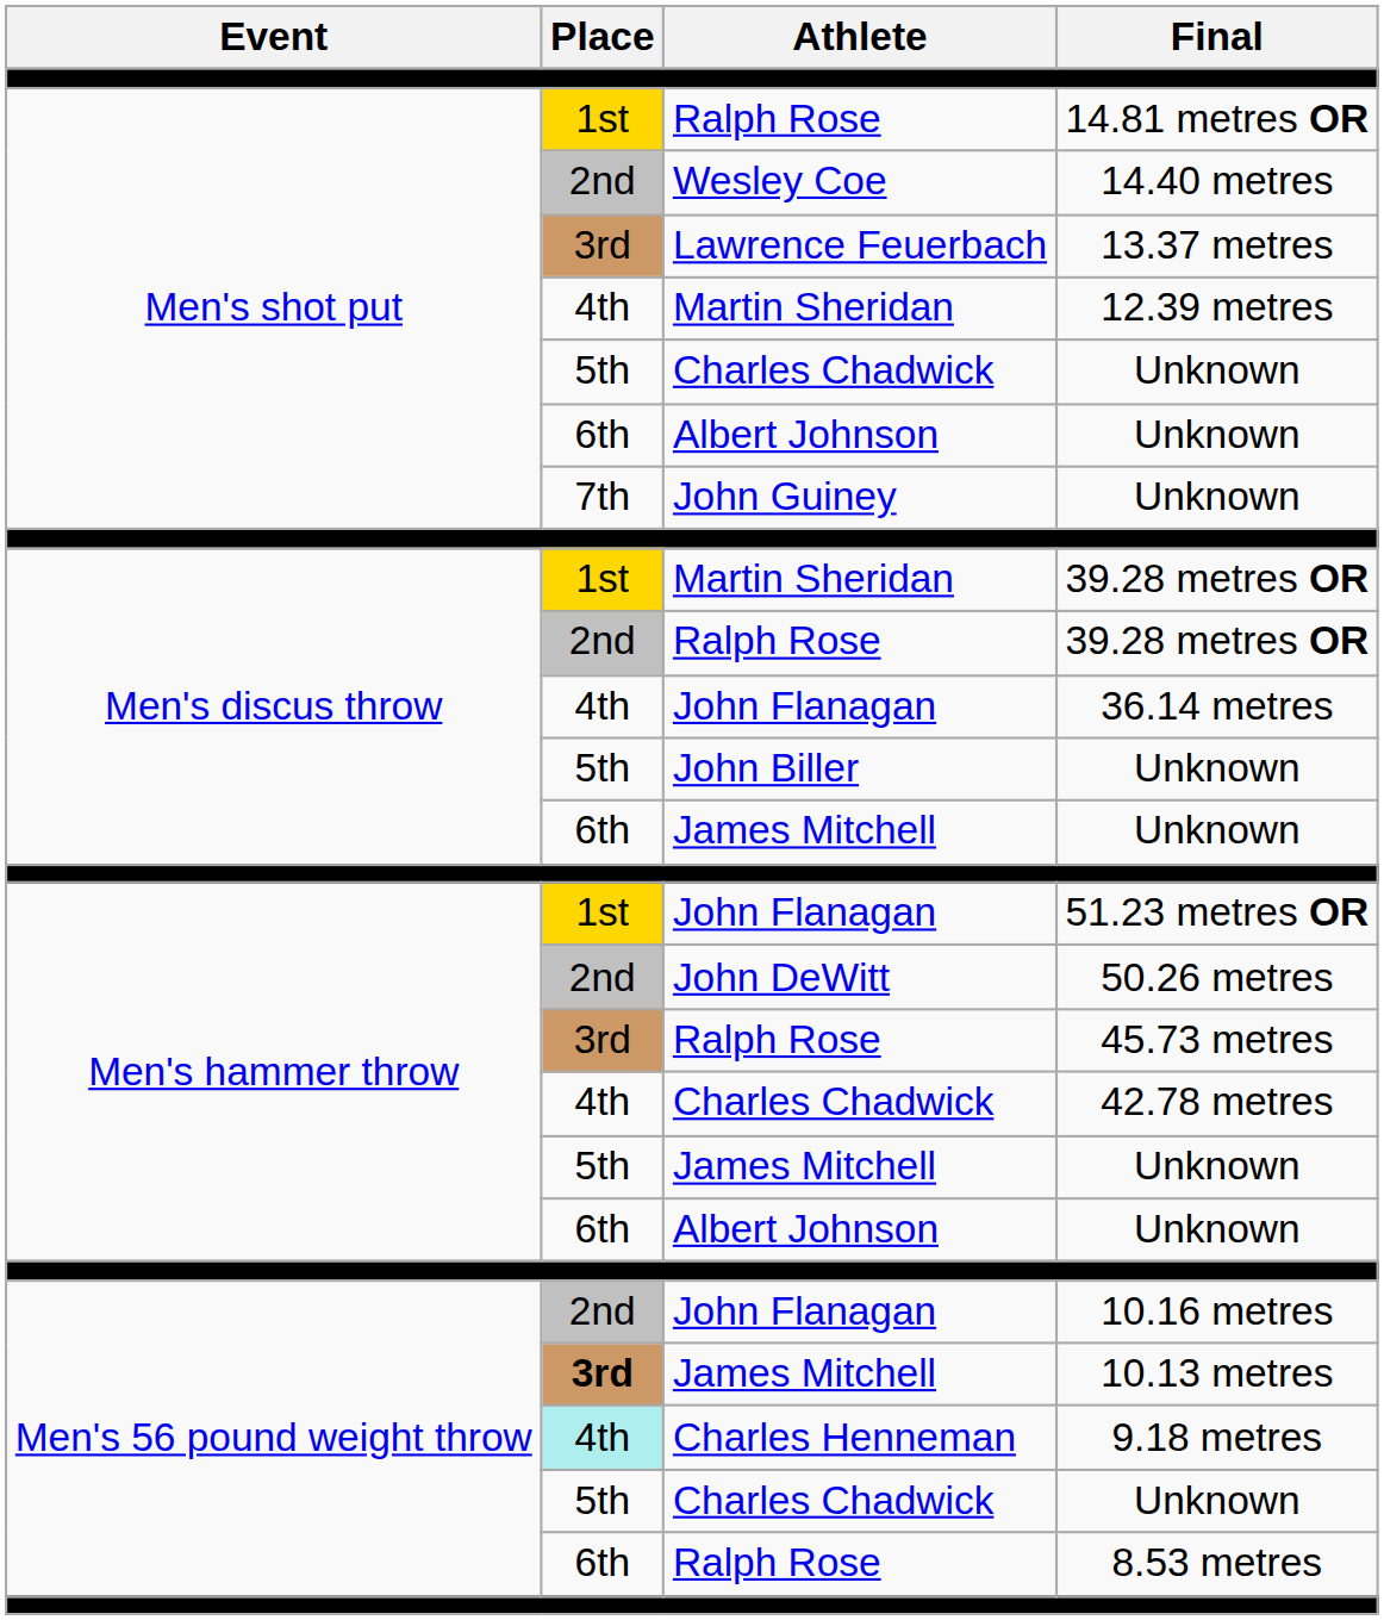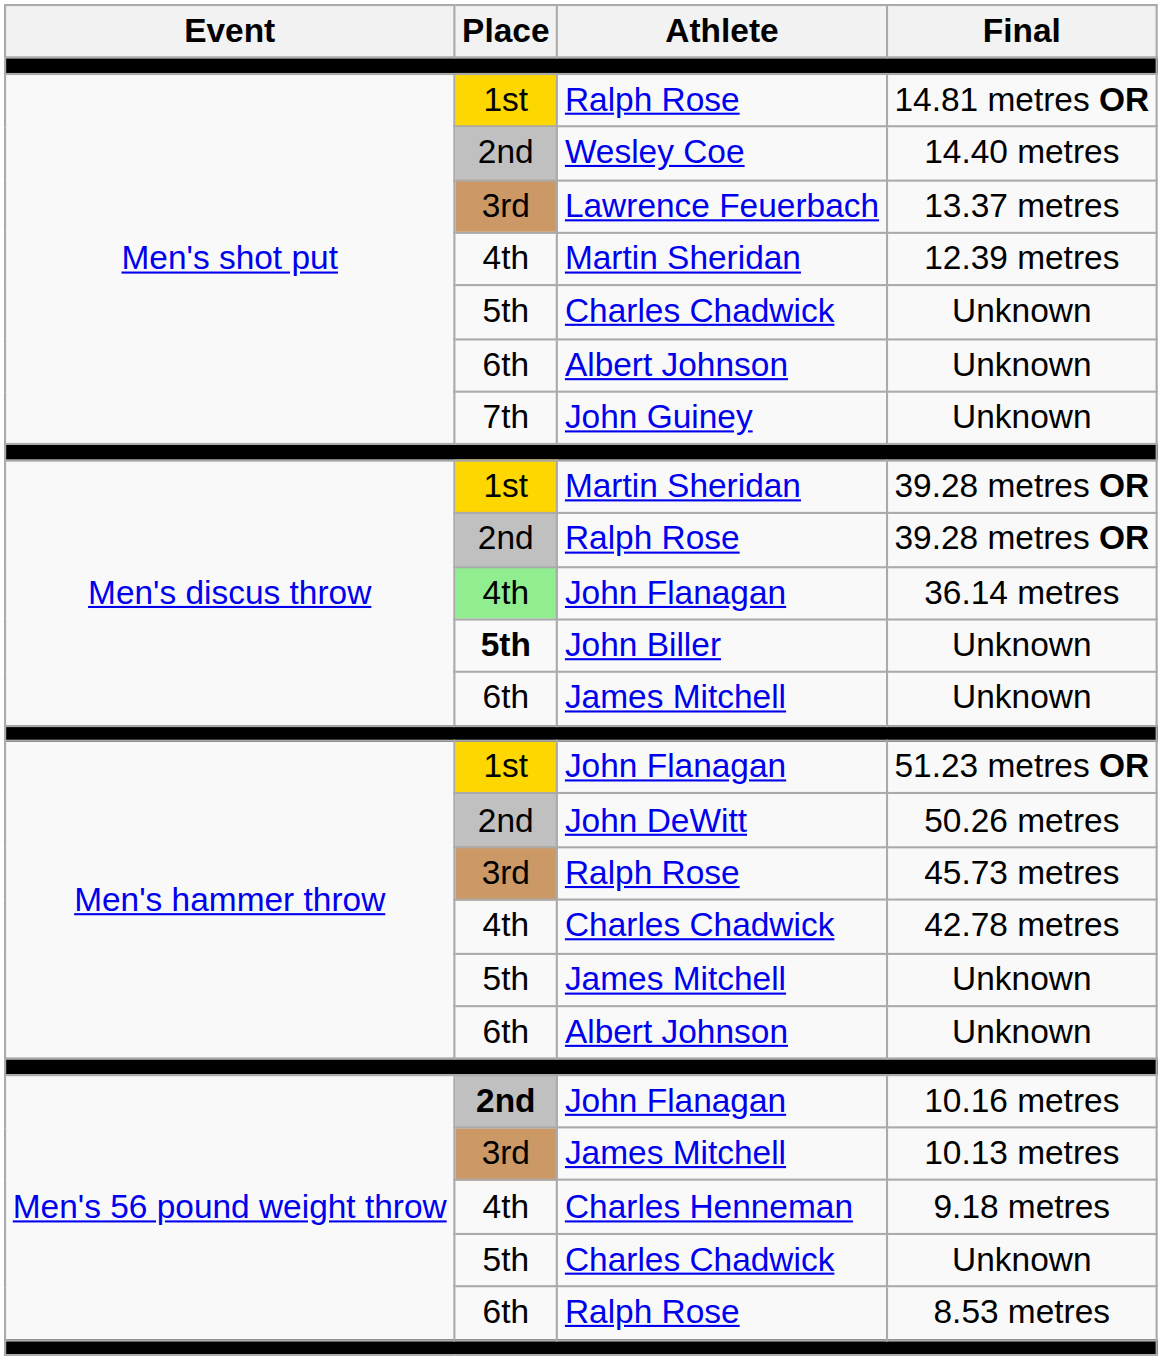 <table class=wikitable>
 <tr>
 <th>Event</th>
 <th>Place</th>
 <th>Athlete</th>
 <th>Final</th>
 </tr>
 <tr bgcolor=black>
 <td colspan=4></td>
 </tr>
 <tr align=center>
 <td rowspan=7><a href='#'>Men's shot put</a></td>
 <td bgcolor=gold>1st</td>
 <td align=left><a href='#'>Ralph Rose</a></td>
 <td>14.81 metres <strong>OR</strong></td>
 </tr>
 <tr align=center>
 <td bgcolor=silver>2nd</td>
 <td align=left><a href='#'>Wesley Coe</a></td>
 <td>14.40 metres</td>
 </tr>
 <tr align=center>
 <td bgcolor=cc9966>3rd</td>
 <td align=left><a href='#'>Lawrence Feuerbach</a></td>
 <td>13.37 metres</td>
 </tr>
 <tr align=center>
 <td>4th</td>
 <td align=left><a href='#'>Martin Sheridan</a></td>
 <td>12.39 metres</td>
 </tr>
 <tr align=center>
 <td>5th</td>
 <td align=left><a href='#'>Charles Chadwick</a></td>
 <td>Unknown</td>
 </tr>
 <tr align=center>
 <td>6th</td>
 <td align=left><a href='#'>Albert Johnson</a></td>
 <td>Unknown</td>
 </tr>
 <tr align=center>
 <td>7th</td>
 <td align=left><a href='#'>John Guiney</a></td>
 <td>Unknown</td>
 </tr>
 <tr bgcolor=black>
 <td colspan=4></td>
 </tr>
 <tr align=center>
 <td rowspan=5><a href='#'>Men's discus throw</a></td>
 <td bgcolor=gold>1st</td>
 <td align=left><a href='#'>Martin Sheridan</a></td>
 <td>39.28 metres <strong>OR</strong></td>
 </tr>
 <tr align=center>
 <td bgcolor=silver>2nd</td>
 <td align=left><a href='#'>Ralph Rose</a></td>
 <td>39.28 metres <strong>OR</strong></td>
 </tr>
 <tr align=center>
-<td>4th</td>
+<td style="background: lightgreen;">4th</td>
 <td align=left><a href='#'>John Flanagan</a></td>
 <td>36.14 metres</td>
 </tr>
 <tr align=center>
-<td>5th</td>
+<td><strong>5th</strong></td>
 <td align=left><a href='#'>John Biller</a></td>
 <td>Unknown</td>
 </tr>
 <tr align=center>
 <td>6th</td>
 <td align=left><a href='#'>James Mitchell</a></td>
 <td>Unknown</td>
 </tr>
 <tr bgcolor=black>
 <td colspan=4></td>
 </tr>
 <tr align=center>
 <td rowspan=6><a href='#'>Men's hammer throw</a></td>
 <td bgcolor=gold>1st</td>
 <td align=left><a href='#'>John Flanagan</a></td>
 <td>51.23 metres <strong>OR</strong></td>
 </tr>
 <tr align=center>
 <td bgcolor=silver>2nd</td>
 <td align=left><a href='#'>John DeWitt</a></td>
 <td>50.26 metres</td>
 </tr>
 <tr align=center>
 <td bgcolor=cc9966>3rd</td>
 <td align=left><a href='#'>Ralph Rose</a></td>
 <td>45.73 metres</td>
 </tr>
 <tr align=center>
 <td>4th</td>
 <td align=left><a href='#'>Charles Chadwick</a></td>
 <td>42.78 metres</td>
 </tr>
 <tr align=center>
 <td>5th</td>
 <td align=left><a href='#'>James Mitchell</a></td>
 <td>Unknown</td>
 </tr>
 <tr align=center>
 <td>6th</td>
 <td align=left><a href='#'>Albert Johnson</a></td>
 <td>Unknown</td>
 </tr>
 <tr bgcolor=black>
 <td colspan=4></td>
 </tr>
 <tr align=center>
 <td rowspan=5><a href='#'>Men's 56 pound weight throw</a></td>
-<td bgcolor=silver>2nd</td>
+<td bgcolor=silver><strong>2nd</strong></td>
 <td align=left><a href='#'>John Flanagan</a></td>
 <td>10.16 metres</td>
 </tr>
 <tr align=center>
-<td bgcolor=cc9966><strong>3rd</strong></td>
+<td bgcolor=cc9966>3rd</td>
 <td align=left><a href='#'>James Mitchell</a></td>
 <td>10.13 metres</td>
 </tr>
 <tr align=center>
-<td style="background: paleturquoise;">4th</td>
+<td>4th</td>
 <td align=left><a href='#'>Charles Henneman</a></td>
 <td>9.18 metres</td>
 </tr>
 <tr align=center>
 <td>5th</td>
 <td align=left><a href='#'>Charles Chadwick</a></td>
 <td>Unknown</td>
 </tr>
 <tr align=center>
 <td>6th</td>
 <td align=left><a href='#'>Ralph Rose</a></td>
 <td>8.53 metres</td>
 </tr>
 <tr bgcolor=black>
 <td colspan=4></td>
 </tr>
 </table>
